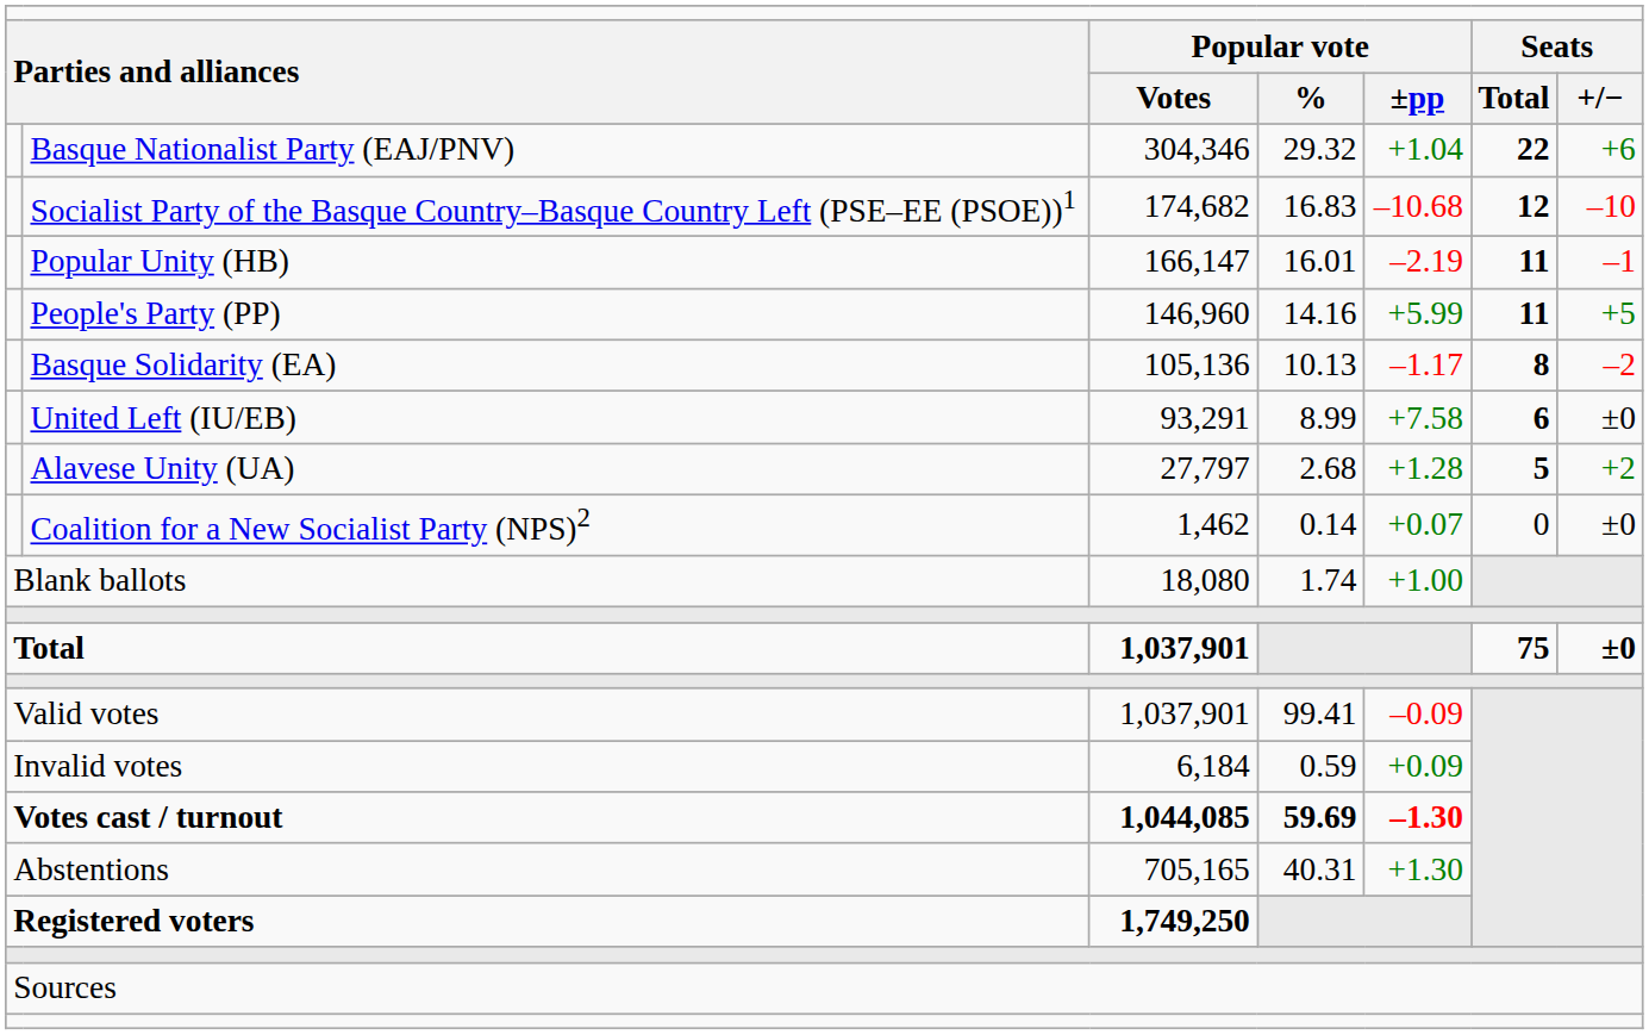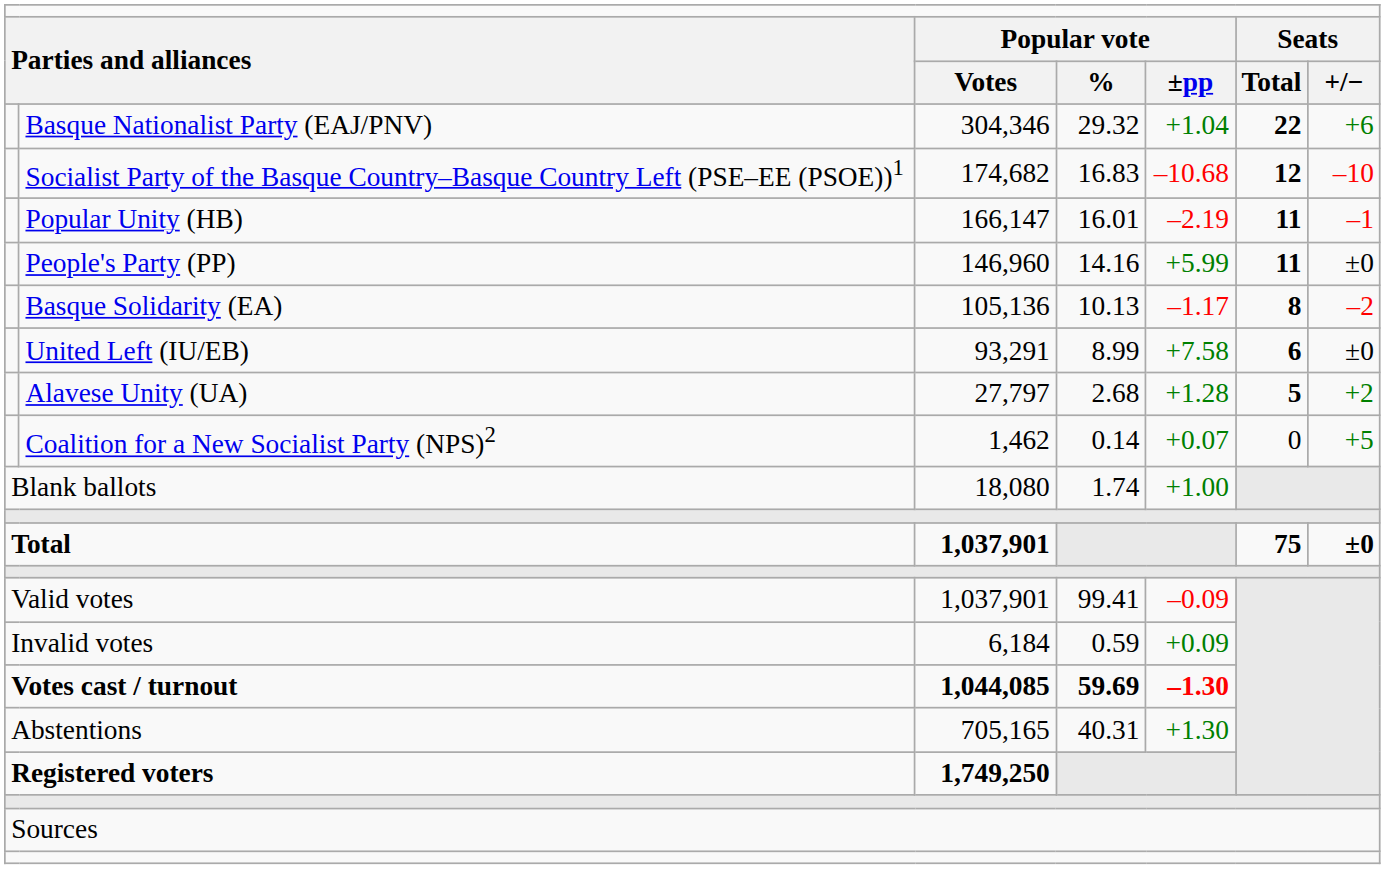 <table class="wikitable" style="text-align:right;">
 <tr>
 <td colspan="7"></td>
 </tr>
 <tr>
 <th style="text-align:left;" rowspan="2" colspan="2" width="525">Parties and alliances</th>
 <th colspan="3">Popular vote</th>
 <th colspan="2">Seats</th>
 </tr>
 <tr>
 <th width="75">Votes</th>
 <th width="45">%</th>
 <th width="45">±<a href='#'>pp</a></th>
 <th width="35">Total</th>
 <th width="35">+/−</th>
 </tr>
 <tr>
 <td width="1" style="color:inherit;background:"></td>
 <td align="left"><a href='#'>Basque Nationalist Party</a> (EAJ/PNV)</td>
 <td>304,346</td>
 <td>29.32</td>
 <td style="color:green;">+1.04</td>
 <td><strong>22</strong></td>
 <td style="color:green;">+6</td>
 </tr>
 <tr>
 <td style="color:inherit;background:"></td>
 <td align="left"><a href='#'>Socialist Party of the Basque Country–Basque Country Left</a> (PSE–EE (PSOE))<sup>1</sup></td>
 <td>174,682</td>
 <td>16.83</td>
 <td style="color:red;">–10.68</td>
 <td><strong>12</strong></td>
 <td style="color:red;">–10</td>
 </tr>
 <tr>
 <td style="color:inherit;background:"></td>
 <td align="left"><a href='#'>Popular Unity</a> (HB)</td>
 <td>166,147</td>
 <td>16.01</td>
 <td style="color:red;">–2.19</td>
 <td><strong>11</strong></td>
 <td style="color:red;">–1</td>
 </tr>
 <tr>
 <td style="color:inherit;background:"></td>
 <td align="left"><a href='#'>People's Party</a> (PP)</td>
 <td>146,960</td>
 <td>14.16</td>
 <td style="color:green;">+5.99</td>
 <td><strong>11</strong></td>
-<td style="color:green;">+5</td>
+<td>±0</td>
 </tr>
 <tr>
 <td style="color:inherit;background:"></td>
 <td align="left"><a href='#'>Basque Solidarity</a> (EA)</td>
 <td>105,136</td>
 <td>10.13</td>
 <td style="color:red;">–1.17</td>
 <td><strong>8</strong></td>
 <td style="color:red;">–2</td>
 </tr>
 <tr>
 <td style="color:inherit;background:"></td>
 <td align="left"><a href='#'>United Left</a> (IU/EB)</td>
 <td>93,291</td>
 <td>8.99</td>
 <td style="color:green;">+7.58</td>
 <td><strong>6</strong></td>
 <td>±0</td>
 </tr>
 <tr>
 <td style="color:inherit;background:"></td>
 <td align="left"><a href='#'>Alavese Unity</a> (UA)</td>
 <td>27,797</td>
 <td>2.68</td>
 <td style="color:green;">+1.28</td>
 <td><strong>5</strong></td>
 <td style="color:green;">+2</td>
 </tr>
 <tr>
 <td style="color:inherit;background:"></td>
 <td align="left"><a href='#'>Coalition for a New Socialist Party</a> (NPS)<sup>2</sup></td>
 <td>1,462</td>
 <td>0.14</td>
 <td style="color:green;">+0.07</td>
 <td>0</td>
-<td>±0</td>
+<td style="color:green;">+5</td>
 </tr>
 <tr>
 <td align="left" colspan="2">Blank ballots</td>
 <td>18,080</td>
 <td>1.74</td>
 <td style="color:green;">+1.00</td>
 <td bgcolor="#E9E9E9" colspan="2"></td>
 </tr>
 <tr>
 <td colspan="7" bgcolor="#E9E9E9"></td>
 </tr>
 <tr style="font-weight:bold;">
 <td align="left" colspan="2">Total</td>
 <td>1,037,901</td>
 <td bgcolor="#E9E9E9" colspan="2"></td>
 <td>75</td>
 <td>±0</td>
 </tr>
 <tr>
 <td colspan="7" bgcolor="#E9E9E9"></td>
 </tr>
 <tr>
 <td align="left" colspan="2">Valid votes</td>
 <td>1,037,901</td>
 <td>99.41</td>
 <td style="color:red;">–0.09</td>
 <td bgcolor="#E9E9E9" colspan="2" rowspan="5"></td>
 </tr>
 <tr>
 <td align="left" colspan="2">Invalid votes</td>
 <td>6,184</td>
 <td>0.59</td>
 <td style="color:green;">+0.09</td>
 </tr>
 <tr style="font-weight:bold;">
 <td align="left" colspan="2">Votes cast / turnout</td>
 <td>1,044,085</td>
 <td>59.69</td>
 <td style="color:red;">–1.30</td>
 </tr>
 <tr>
 <td align="left" colspan="2">Abstentions</td>
 <td>705,165</td>
 <td>40.31</td>
 <td style="color:green;">+1.30</td>
 </tr>
 <tr style="font-weight:bold;">
 <td align="left" colspan="2">Registered voters</td>
 <td>1,749,250</td>
 <td bgcolor="#E9E9E9" colspan="2"></td>
 </tr>
 <tr>
 <td colspan="7" bgcolor="#E9E9E9"></td>
 </tr>
 <tr>
 <td align="left" colspan="7">Sources</td>
 </tr>
 <tr>
 <td colspan="7" style="text-align:left; max-width:790px;"></td>
 </tr>
 </table>
